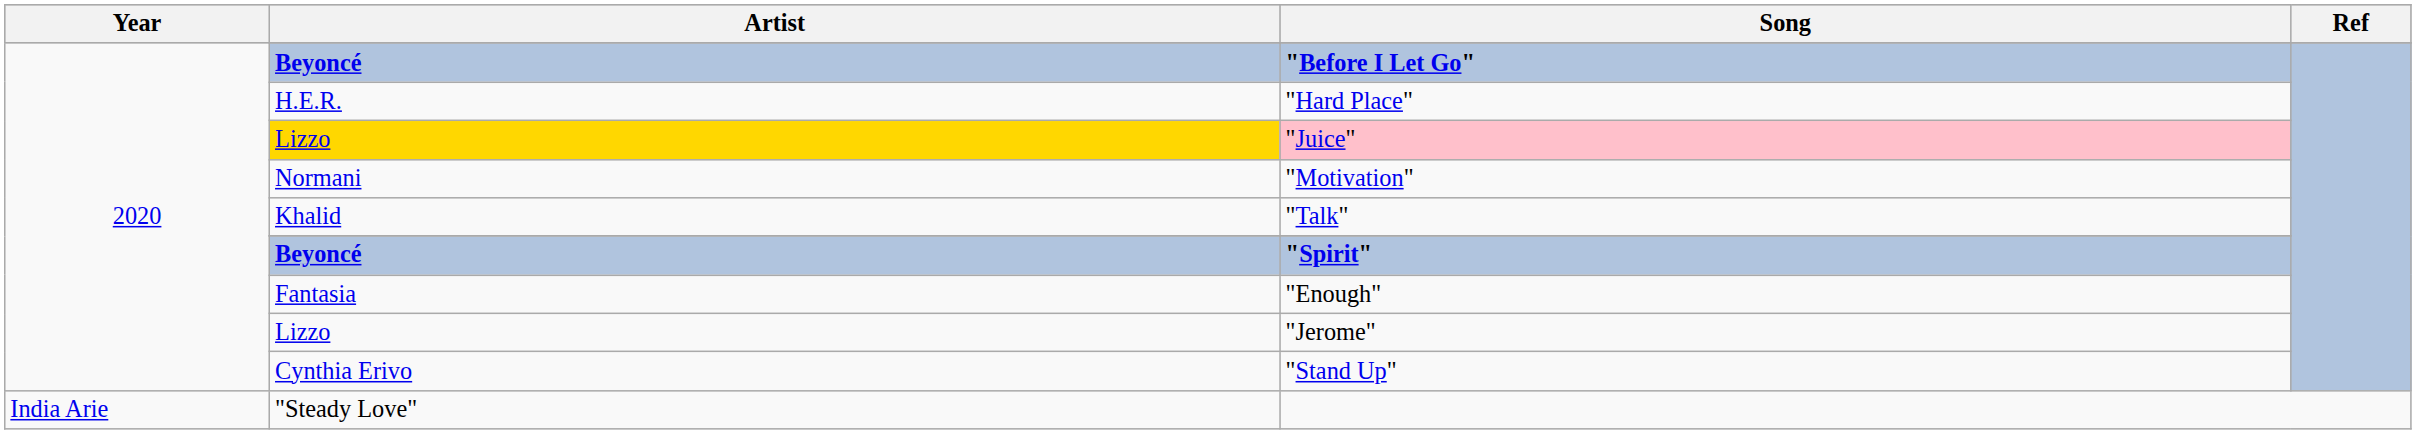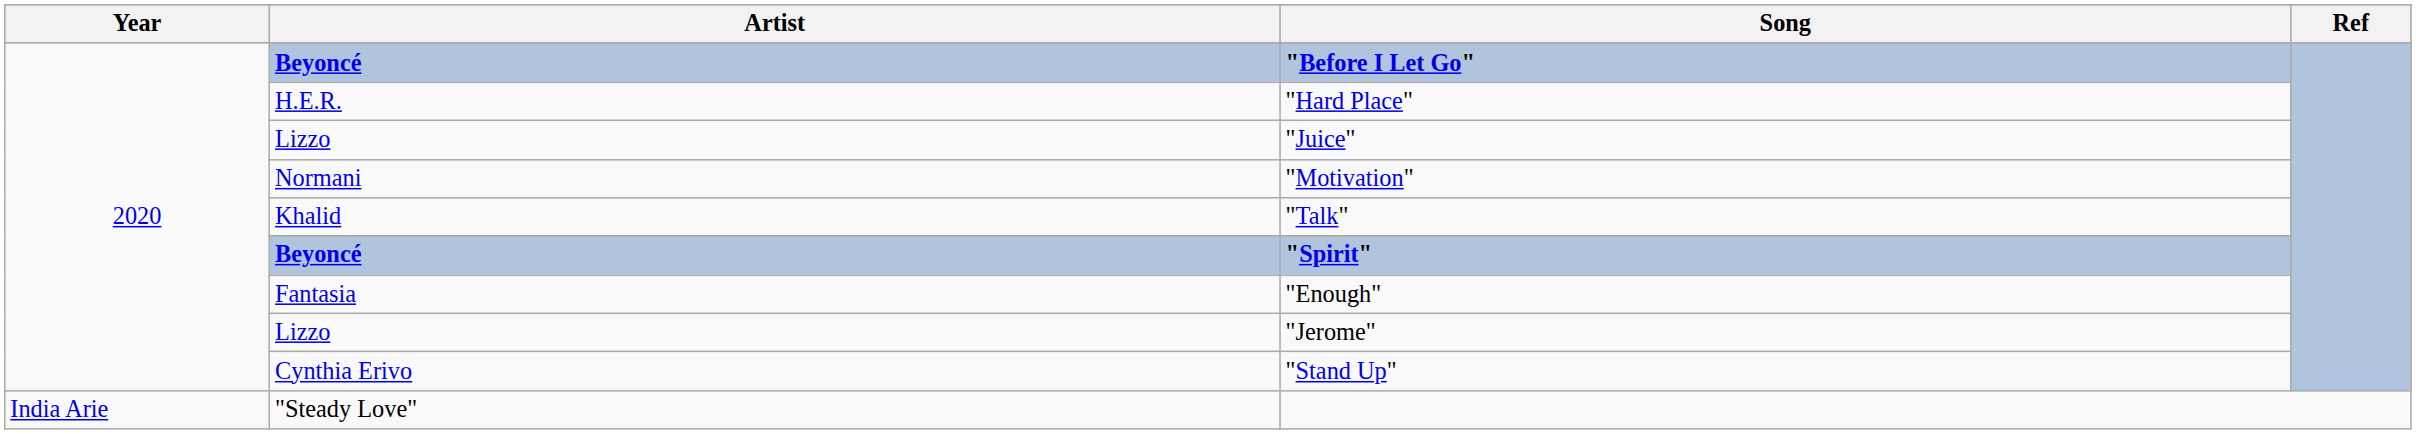 <table class="wikitable" style="width:100%;">
 <tr style="background:#bebebe;">
 <th style="width:11%;">Year</th>
 <th style="width:42%;">Artist</th>
 <th style="width:42%;">Song</th>
 <th style="width:5%;">Ref</th>
 </tr>
 <tr>
 <td rowspan="11" align="center"><a href='#'>2020</a></td>
 </tr>
 <tr style="background:#B0C4DE">
 <td><strong><a href='#'>Beyoncé</a></strong></td>
 <td><strong>"<a href='#'>Before I Let Go</a>"</strong></td>
 <td rowspan="10" align="center"></td>
 </tr>
 <tr>
 <td><a href='#'>H.E.R.</a></td>
 <td>"<a href='#'>Hard Place</a>"</td>
 </tr>
 <tr>
-<td style="background: gold;"><a href='#'>Lizzo</a></td>
-<td style="background: pink;">"<a href='#'>Juice</a>"</td>
+<td><a href='#'>Lizzo</a></td>
+<td>"<a href='#'>Juice</a>"</td>
 </tr>
 <tr>
 <td><a href='#'>Normani</a></td>
 <td>"<a href='#'>Motivation</a>"</td>
 </tr>
 <tr>
 <td><a href='#'>Khalid</a></td>
 <td>"<a href='#'>Talk</a>"</td>
 </tr>
 <tr>
 </tr>
 <tr style="background:#B0C4DE">
 <td><strong><a href='#'>Beyoncé</a></strong></td>
 <td><strong>"<a href='#'>Spirit</a>"</strong></td>
 </tr>
 <tr>
 <td><a href='#'>Fantasia</a></td>
 <td>"Enough"</td>
 </tr>
 <tr>
 <td><a href='#'>Lizzo</a></td>
 <td>"Jerome"</td>
 </tr>
 <tr>
 <td><a href='#'>Cynthia Erivo</a></td>
 <td>"<a href='#'>Stand Up</a>"</td>
 </tr>
 <tr>
 <td><a href='#'>India Arie</a></td>
 <td>"Steady Love"</td>
 </tr>
 </table>
